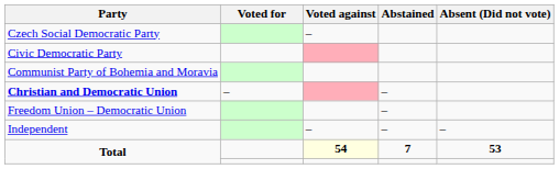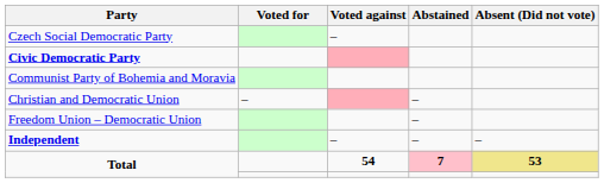 <table class="wikitable">
 <tr>
 <th>Party</th>
 <th style="width:15%;">Voted for</th>
 <th>Voted against</th>
 <th>Abstained</th>
 <th>Absent (Did not vote)</th>
 </tr>
 <tr>
 <td> <a href='#'>Czech Social Democratic Party</a></td>
 <td style="background-color:#CCFFCC;"></td>
 <td>–</td>
 <td></td>
 <td></td>
 </tr>
 <tr>
-<td> <a href='#'>Civic Democratic Party</a></td>
+<td><strong> <a href='#'>Civic Democratic Party</a></strong></td>
 <td></td>
 <td style="background-color:#FFAEB9;"></td>
 <td></td>
 <td></td>
 </tr>
 <tr>
 <td> <a href='#'>Communist Party of Bohemia and Moravia</a></td>
 <td style="background-color:#CCFFCC;"></td>
 <td></td>
 <td></td>
 <td></td>
 </tr>
 <tr>
-<td><strong> <a href='#'>Christian and Democratic Union</a></strong></td>
+<td> <a href='#'>Christian and Democratic Union</a></td>
 <td>–</td>
 <td style="background-color:#FFAEB9;"></td>
 <td>–</td>
 <td></td>
 </tr>
 <tr>
 <td> <a href='#'>Freedom Union – Democratic Union</a></td>
 <td style="background-color:#CCFFCC;"></td>
 <td></td>
 <td>–</td>
 <td></td>
 </tr>
 <tr>
-<td> <a href='#'>Independent</a></td>
+<td><strong> <a href='#'>Independent</a></strong></td>
 <td style="background-color:#CCFFCC;"></td>
 <td>–</td>
 <td>–</td>
 <td>–</td>
 </tr>
 <tr>
 <td style="text-align:center;" rowspan="2"><strong>Total </strong></td>
 <td></td>
-<td style="background: lightyellow; text-align:center;"><strong>54</strong></td>
-<td style="text-align:center;"><strong>7</strong></td>
-<td style="text-align:center;"><strong>53</strong></td>
+<td style="text-align:center;"><strong>54</strong></td>
+<td style="background: pink; text-align:center;"><strong>7</strong></td>
+<td style="background: khaki; text-align:center;"><strong>53</strong></td>
 </tr>
 <tr>
 <td style="text-align:center;"></td>
 <td style="text-align:center;"></td>
 <td style="text-align:center;"></td>
 <td style="text-align:center;"></td>
 </tr>
 </table>
